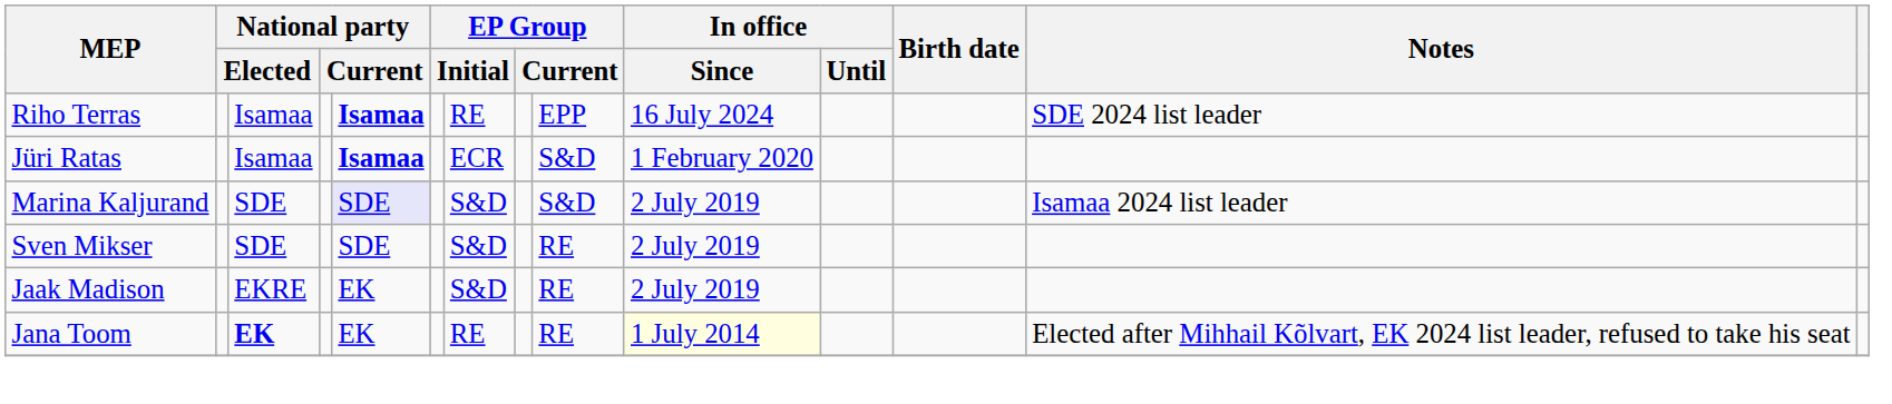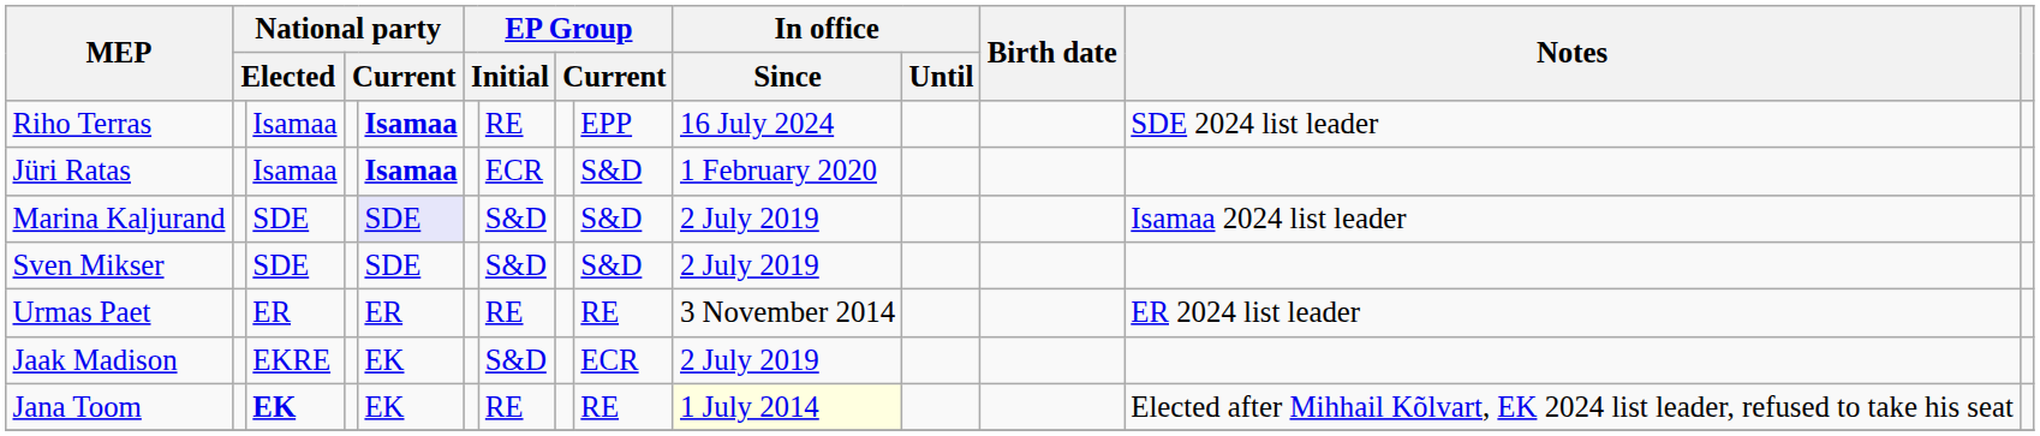 <table class="wikitable sortable" style="text-align:left">
 <tr>
 <th rowspan="2">MEP</th>
 <th colspan="4">National party</th>
 <th colspan="4"><a href='#'>EP Group</a></th>
 <th colspan="2">In office</th>
 <th rowspan="2">Birth date</th>
 <th rowspan="2">Notes</th>
 <th rowspan="2" class="unsortable"></th>
 </tr>
 <tr>
 <th colspan="2">Elected</th>
 <th colspan="2">Current</th>
 <th colspan="2">Initial</th>
 <th colspan="2">Current</th>
 <th>Since</th>
 <th>Until</th>
 </tr>
 <tr>
 <td><a href='#'>Riho Terras</a></td>
 <td style="background: "></td>
 <td><a href='#'>Isamaa</a></td>
 <td style="background: "></td>
 <td><strong><a href='#'>Isamaa</a></strong></td>
 <td style="background: "></td>
 <td><a href='#'>RE</a></td>
 <td style="background: "></td>
 <td><a href='#'>EPP</a></td>
 <td><a href='#'>16 July 2024</a></td>
 <td></td>
 <td></td>
 <td><a href='#'>SDE</a> 2024 list leader</td>
 <td></td>
 </tr>
 <tr>
 <td><a href='#'>Jüri Ratas</a></td>
 <td style="background: "></td>
 <td><a href='#'>Isamaa</a></td>
 <td style="background: "></td>
 <td><strong><a href='#'>Isamaa</a></strong></td>
 <td style="background: "></td>
 <td><a href='#'>ECR</a></td>
 <td style="background: "></td>
 <td><a href='#'>S&D</a></td>
 <td><a href='#'>1 February 2020</a></td>
 <td></td>
 <td></td>
 <td></td>
 <td></td>
 </tr>
 <tr>
 <td><a href='#'>Marina Kaljurand</a></td>
 <td style="background: "></td>
 <td><a href='#'>SDE</a></td>
 <td style="background: "></td>
 <td style="background: lavender;"><a href='#'>SDE</a></td>
 <td style="background: "></td>
 <td><a href='#'>S&D</a></td>
 <td style="background: "></td>
 <td><a href='#'>S&D</a></td>
 <td><a href='#'>2 July 2019</a></td>
 <td></td>
 <td></td>
 <td><a href='#'>Isamaa</a> 2024 list leader</td>
 <td></td>
 </tr>
 <tr>
 <td><a href='#'>Sven Mikser</a></td>
 <td style="background: "></td>
 <td><a href='#'>SDE</a></td>
 <td style="background: "></td>
 <td><a href='#'>SDE</a></td>
 <td style="background: "></td>
 <td><a href='#'>S&D</a></td>
 <td style="background: "></td>
-<td><a href='#'>RE</a></td>
+<td><a href='#'>S&D</a></td>
 <td><a href='#'>2 July 2019</a></td>
 <td></td>
 <td></td>
 <td></td>
+<td></td>
+</tr>
+<tr>
+<td><a href='#'>Urmas Paet</a></td>
+<td style="background: "></td>
+<td><a href='#'>ER</a></td>
+<td style="background: "></td>
+<td><a href='#'>ER</a></td>
+<td style="background: "></td>
+<td><a href='#'>RE</a></td>
+<td style="background: "></td>
+<td><a href='#'>RE</a></td>
+<td>3 November 2014</td>
+<td></td>
+<td></td>
+<td><a href='#'>ER</a> 2024 list leader</td>
 <td></td>
 </tr>
 <tr>
 <td><a href='#'>Jaak Madison</a></td>
 <td style="background: "></td>
 <td><a href='#'>EKRE</a></td>
 <td style="background: "></td>
 <td><a href='#'>EK</a></td>
 <td style="background: "></td>
 <td><a href='#'>S&D</a></td>
 <td style="background: "></td>
-<td><a href='#'>RE</a></td>
+<td><a href='#'>ECR</a></td>
 <td><a href='#'>2 July 2019</a></td>
 <td></td>
 <td></td>
 <td></td>
 <td></td>
 </tr>
 <tr>
 <td><a href='#'>Jana Toom</a></td>
 <td style="background: "></td>
 <td><strong><a href='#'>EK</a></strong></td>
 <td style="background: "></td>
 <td><a href='#'>EK</a></td>
 <td style="background: "></td>
 <td><a href='#'>RE</a></td>
 <td style="background: "></td>
 <td><a href='#'>RE</a></td>
 <td style="background: lightyellow;"><a href='#'>1 July 2014</a></td>
 <td></td>
 <td></td>
 <td>Elected after <a href='#'>Mihhail Kõlvart</a>, <a href='#'>EK</a> 2024 list leader, refused to take his seat</td>
 <td></td>
 </tr>
 <tr>
 </tr>
 </table>
